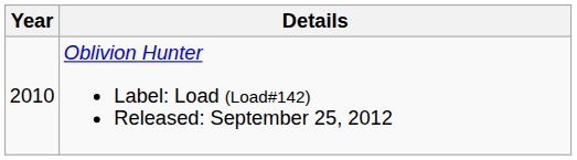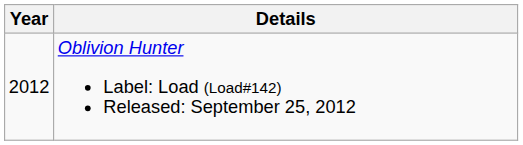 <table class="wikitable">
 <tr>
 <th>Year</th>
 <th width="400">Details</th>
 </tr>
 <tr>
-<td>2010</td>
+<td>2012</td>
 <td><em><a href='#'>Oblivion Hunter</a></em><br><ul><li>Label: Load <small>(Load#142)</small></li><li>Released: September 25, 2012</li></ul></td>
 </tr>
 </table>
